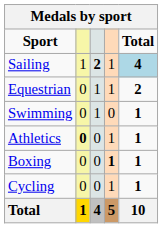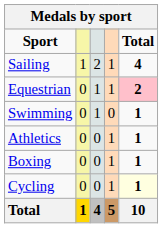 <table class="wikitable" style="text-align:center;font-size:90%">
 <tr style="background:#efefef;">
 <th colspan=7><strong>Medals by sport</strong></th>
 </tr>
 <tr>
 <td><strong>Sport</strong></td>
 <td bgcolor=#f7f6a8></td>
 <td bgcolor=#dce5e5></td>
 <td bgcolor=#ffdab9></td>
 <td><strong>Total</strong></td>
 </tr>
 <tr>
 <td style="text-align:left;"><a href='#'>Sailing</a></td>
 <td style="background:#F7F6A8;">1</td>
-<td style="background:#DCE5E5;"><strong>2</strong></td>
+<td style="background:#DCE5E5;">2</td>
 <td style="background:#FFDAB9;">1</td>
-<td style="background: lightblue;"><strong>4</strong></td>
+<td><strong>4</strong></td>
 </tr>
 <tr>
 <td style="text-align:left;"><a href='#'>Equestrian</a></td>
 <td style="background:#F7F6A8;">0</td>
 <td style="background:#DCE5E5;">1</td>
 <td style="background:#FFDAB9;">1</td>
-<td><strong>2</strong></td>
+<td style="background: pink;"><strong>2</strong></td>
 </tr>
 <tr>
 <td style="text-align:left;"><a href='#'>Swimming</a></td>
 <td style="background:#F7F6A8;">0</td>
 <td style="background:#DCE5E5;">1</td>
 <td style="background:#FFDAB9;">0</td>
 <td><strong>1</strong></td>
 </tr>
 <tr>
 <td style="text-align:left;"><a href='#'>Athletics</a></td>
-<td style="background:#F7F6A8;"><strong>0</strong></td>
+<td style="background:#F7F6A8;">0</td>
 <td style="background:#DCE5E5;">0</td>
 <td style="background:#FFDAB9;">1</td>
 <td><strong>1</strong></td>
 </tr>
 <tr>
 <td style="text-align:left;"><a href='#'>Boxing</a></td>
 <td style="background:#F7F6A8;">0</td>
 <td style="background:#DCE5E5;">0</td>
-<td style="background:#FFDAB9;"><strong>1</strong></td>
+<td style="background:#FFDAB9;">1</td>
 <td><strong>1</strong></td>
 </tr>
 <tr>
 <td style="text-align:left;"><a href='#'>Cycling</a></td>
 <td style="background:#F7F6A8;">0</td>
 <td style="background:#DCE5E5;">0</td>
 <td style="background:#FFDAB9;">1</td>
-<td><strong>1</strong></td>
+<td style="background: lightyellow;"><strong>1</strong></td>
 </tr>
 <tr>
 <th style="text-align:left;"><strong>Total</strong></th>
 <th style="background:gold;"><strong>1</strong></th>
 <th style="background:silver;"><strong>4</strong></th>
 <th style="background:#c96;"><strong>5</strong></th>
 <th><strong>10</strong></th>
 </tr>
 </table>
